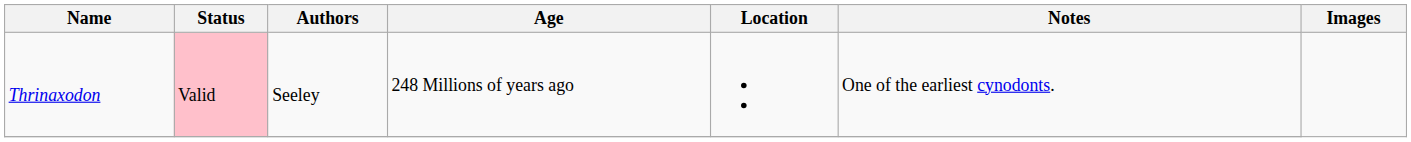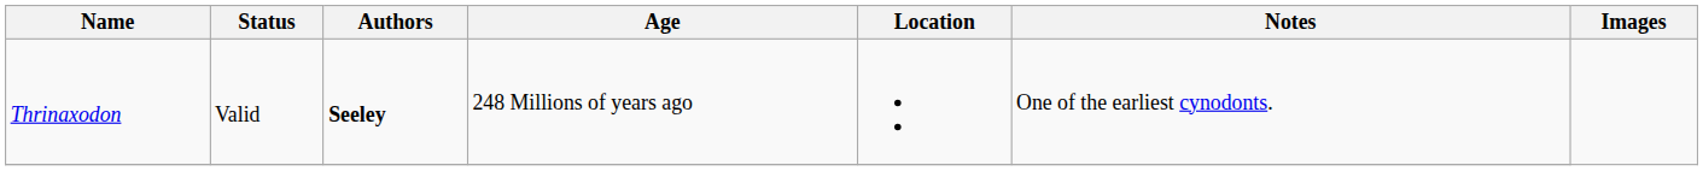 <table class="wikitable sortable" align="center" width="100%">
 <tr>
 <th>Name</th>
 <th>Status</th>
 <th>Authors</th>
 <th>Age</th>
 <th>Location</th>
 <th width="33%" class="unsortable">Notes</th>
 <th class="unsortable">Images</th>
 </tr>
 <tr>
 <td><br><em><a href='#'>Thrinaxodon</a></em></td>
-<td style="background: pink;"><br>Valid</td>
-<td><br>Seeley</td>
+<td><br>Valid</td>
+<td><strong><br>Seeley</strong></td>
 <td>248 Millions of years ago</td>
 <td><br><ul><li></li><li></li></ul></td>
 <td>One of the earliest <a href='#'>cynodonts</a>.<br></td>
 <td rowspan="99"><br></td>
 </tr>
 <tr>
 </tr>
 </table>
